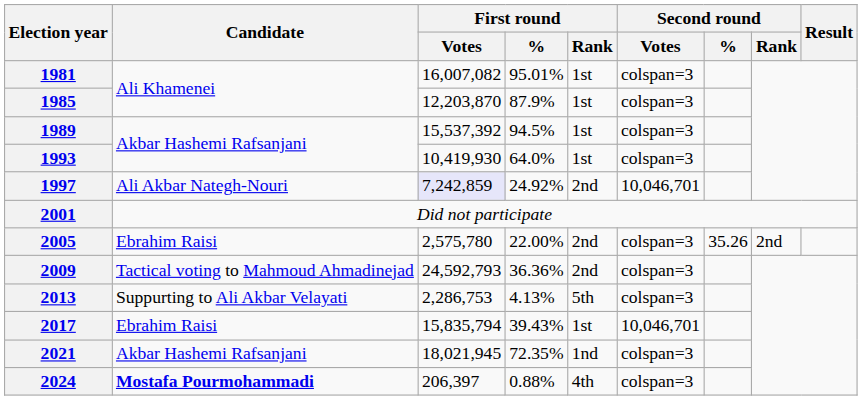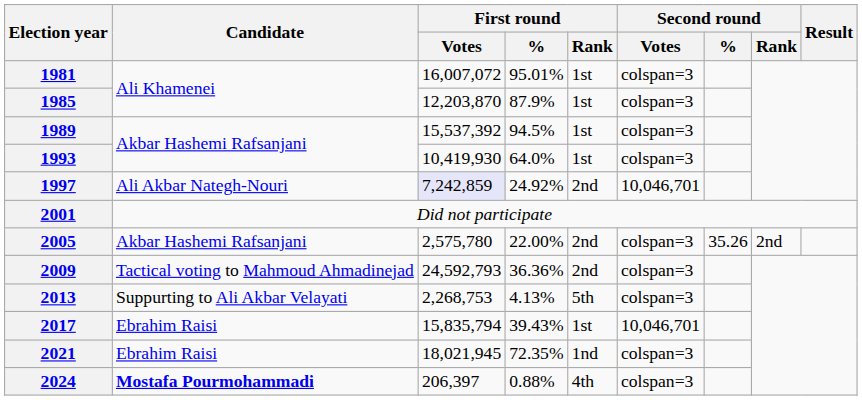 <table class="wikitable">
 <tr>
 <th rowspan="2">Election year</th>
 <th rowspan="2">Candidate</th>
 <th colspan="3">First round</th>
 <th colspan="3">Second round</th>
 <th rowspan="2">Result</th>
 </tr>
 <tr>
 <th>Votes</th>
 <th>%</th>
 <th>Rank</th>
 <th>Votes</th>
 <th>%</th>
 <th>Rank</th>
 </tr>
 <tr>
 <th><a href='#'>1981</a></th>
 <td rowspan=2><a href='#'>Ali Khamenei</a></td>
-<td>16,007,082</td>
+<td>16,007,072</td>
 <td>95.01%</td>
 <td>1st</td>
 <td>colspan=3 </td>
 <td></td>
 </tr>
 <tr>
 <th><a href='#'>1985</a></th>
 <td>12,203,870</td>
 <td>87.9%</td>
 <td> 1st</td>
 <td>colspan=3 </td>
 <td></td>
 </tr>
 <tr>
 <th><a href='#'>1989</a></th>
 <td rowspan=2><a href='#'>Akbar Hashemi Rafsanjani</a></td>
 <td>15,537,392</td>
 <td>94.5%</td>
 <td> 1st</td>
 <td>colspan=3 </td>
 <td></td>
 </tr>
 <tr>
 <th><a href='#'>1993</a></th>
 <td>10,419,930</td>
 <td>64.0%</td>
 <td> 1st</td>
 <td>colspan=3 </td>
 <td></td>
 </tr>
 <tr>
 <th><a href='#'>1997</a></th>
 <td rowspan=1><a href='#'>Ali Akbar Nategh-Nouri</a></td>
 <td style="background: lavender;">7,242,859</td>
 <td>24.92%</td>
 <td> 2nd</td>
 <td>10,046,701</td>
 <td></td>
 </tr>
 <tr>
 <th><a href='#'>2001</a></th>
 <td colspan=8 align=center><em>Did not participate</em></td>
 </tr>
 <tr>
 <th><a href='#'>2005</a></th>
-<td rowspan=1><a href='#'>Ebrahim Raisi</a></td>
+<td rowspan=1><a href='#'>Akbar Hashemi Rafsanjani</a></td>
 <td>2,575,780</td>
 <td>22.00%</td>
 <td> 2nd</td>
 <td>colspan=3 </td>
 <td>35.26</td>
 <td>2nd</td>
 <td></td>
 </tr>
 <tr>
 <th><a href='#'>2009</a></th>
 <td rowspan=1><a href='#'>Tactical voting</a> to <a href='#'>Mahmoud Ahmadinejad</a></td>
 <td>24,592,793</td>
 <td>36.36%</td>
 <td> 2nd</td>
 <td>colspan=3 </td>
 <td></td>
 </tr>
 <tr>
 <th><a href='#'>2013</a></th>
 <td rowspan=1>Suppurting to <a href='#'>Ali Akbar Velayati</a></td>
-<td>2,286,753</td>
+<td>2,268,753</td>
 <td>4.13%</td>
 <td> 5th</td>
 <td>colspan=3 </td>
 <td></td>
 </tr>
 <tr>
 <th><a href='#'>2017</a></th>
 <td rowspan=1><a href='#'>Ebrahim Raisi</a></td>
 <td>15,835,794</td>
 <td>39.43%</td>
 <td> 1st</td>
 <td>10,046,701</td>
 <td></td>
 </tr>
 <tr>
 <th><a href='#'>2021</a></th>
-<td rowspan=1><a href='#'>Akbar Hashemi Rafsanjani</a></td>
+<td rowspan=1><a href='#'>Ebrahim Raisi</a></td>
 <td>18,021,945</td>
 <td>72.35%</td>
 <td> 1nd</td>
 <td>colspan=3 </td>
 <td></td>
 </tr>
 <tr>
 <th><a href='#'>2024</a></th>
 <td rowspan=1><strong><a href='#'>Mostafa Pourmohammadi</a></strong></td>
 <td>206,397</td>
 <td>0.88%</td>
 <td> 4th</td>
 <td>colspan=3 </td>
 <td></td>
 </tr>
 </table>
